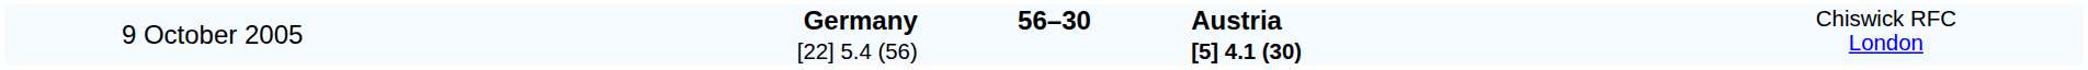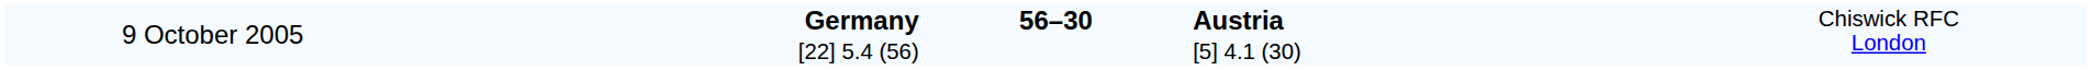 <table style="width: 100%; background:#F5FAFF;" cellspacing="0">
 <tr>
 <td align=center rowspan=3 width=20%>9 October 2005</td>
 </tr>
 <tr>
 <td width=24% align=right><strong>Germany</strong></td>
 <td align=center width=13%><strong>56–30</strong></td>
 <td width=24%><strong>Austria</strong></td>
 <td style=font-size:85% rowspan=3 valign=top align=center>Chiswick RFC<br><a href='#'>London</a></td>
 </tr>
 <tr style=font-size:85%>
 <td align=right>[22] 5.4 (56)</td>
 <td></td>
-<td><strong>[5] 4.1 (30)</strong></td>
+<td>[5] 4.1 (30)</td>
 </tr>
 </table>
